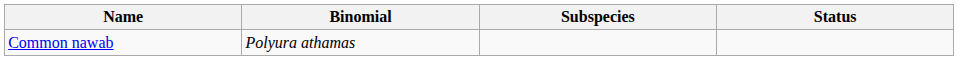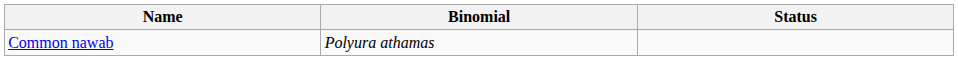 <table width=60% class="wikitable">
 <tr>
 <th width=20%>Name</th>
 <th width=20%>Binomial</th>
-<th width=20%>Subspecies</th>
 <th width=20%>Status</th>
 </tr>
 <tr>
 <td><a href='#'>Common nawab</a><br> </td>
 <td><em>Polyura athamas</em></td>
 <td></td>
-<td></td>
 </tr>
 </table>
